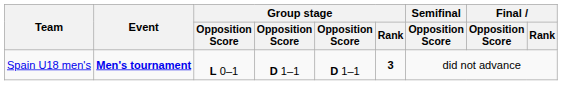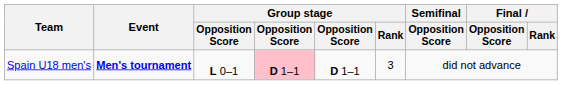 <table class="wikitable" style="text-align:center; font-size:90%">
 <tr>
 <th rowspan=2>Team</th>
 <th rowspan=2>Event</th>
 <th colspan=4>Group stage</th>
 <th>Semifinal</th>
 <th colspan=2>Final / </th>
 </tr>
 <tr style="font-size:95%">
 <th>Opposition<br>Score</th>
 <th>Opposition<br>Score</th>
 <th>Opposition<br>Score</th>
 <th>Rank</th>
 <th>Opposition<br>Score</th>
 <th>Opposition<br>Score</th>
 <th>Rank</th>
 </tr>
 <tr>
 <td align=left><a href='#'>Spain U18 men's</a></td>
 <td align=left><strong><a href='#'>Men's tournament</a></strong></td>
 <td><br><strong>L</strong> 0–1</td>
+<td style="background: pink;"><br><strong>D</strong> 1–1</td>
 <td><br><strong>D</strong> 1–1</td>
-<td><br><strong>D</strong> 1–1</td>
-<td><strong>3</strong></td>
+<td>3</td>
 <td colspan=3>did not advance</td>
 </tr>
 </table>
